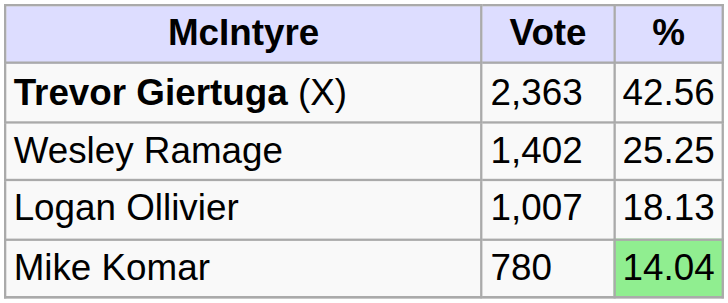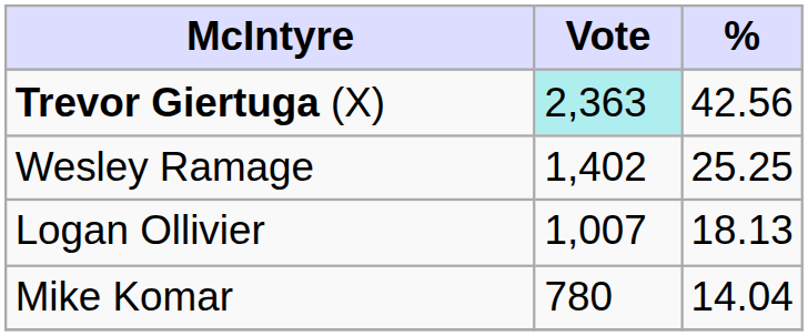 <table class="wikitable">
 <tr>
 <th style="background:#ddf; width:200px;">McIntyre </th>
 <th style="background:#ddf; width:50px;">Vote</th>
 <th style="background:#ddf; width:30px;">%</th>
 </tr>
 <tr>
 <td><strong>Trevor Giertuga</strong> (X)</td>
-<td>2,363</td>
+<td style="background: paleturquoise;">2,363</td>
 <td>42.56</td>
 </tr>
 <tr>
 <td>Wesley Ramage</td>
 <td>1,402</td>
 <td>25.25</td>
 </tr>
 <tr>
 <td>Logan Ollivier</td>
 <td>1,007</td>
 <td>18.13</td>
 </tr>
 <tr>
 <td>Mike Komar</td>
 <td>780</td>
-<td style="background: lightgreen;">14.04</td>
+<td>14.04</td>
 </tr>
 <tr>
 </tr>
 </table>
